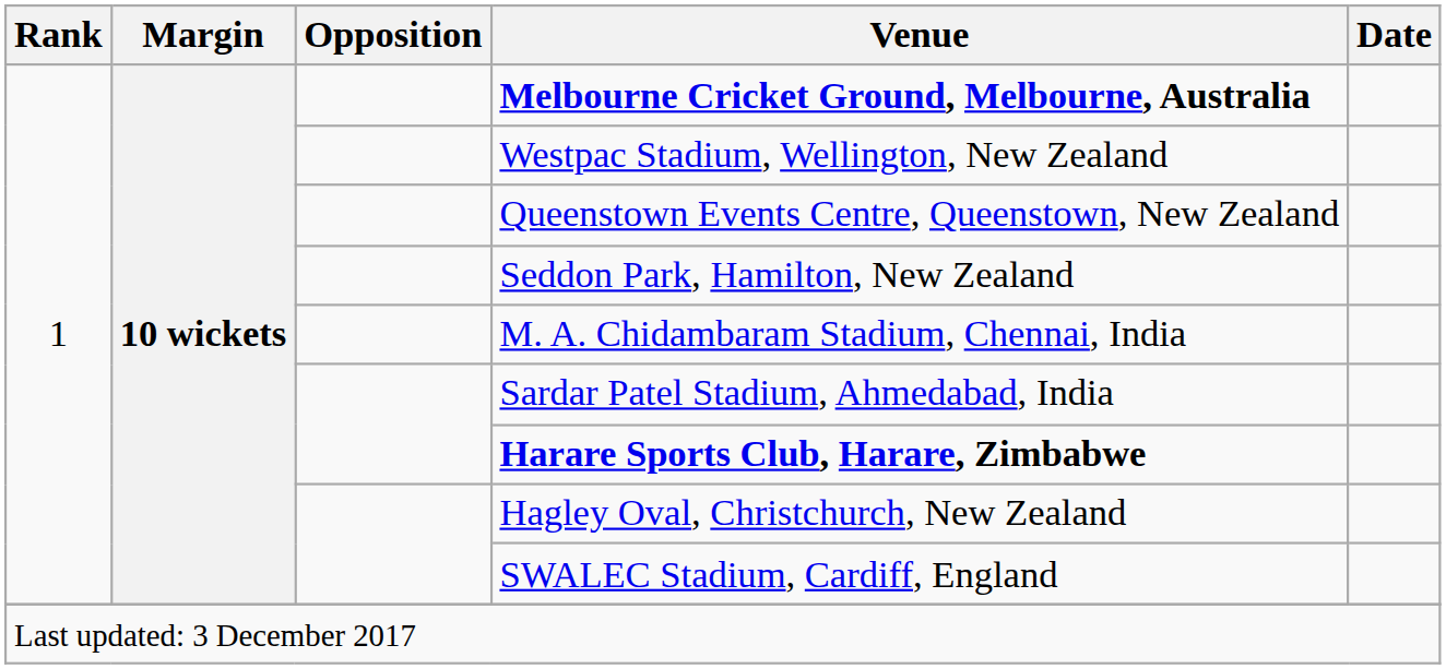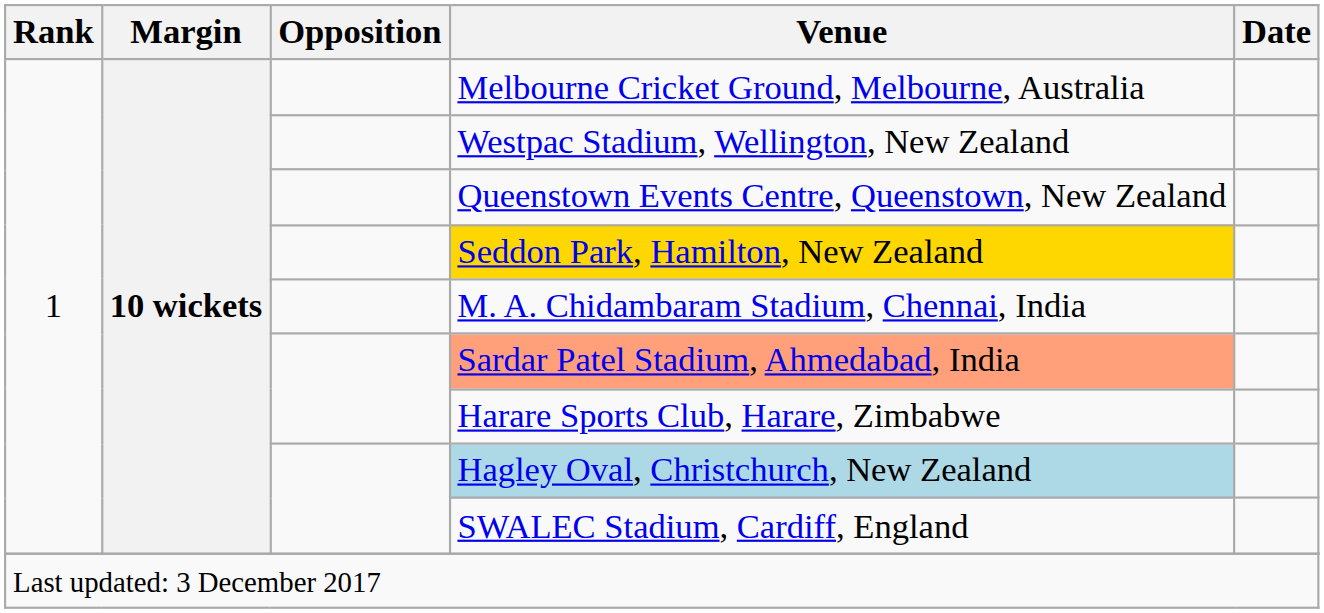 <table class="wikitable plainrowheaders sortable">
 <tr>
 <th scope=col>Rank</th>
 <th scope=col>Margin</th>
 <th scope=col>Opposition</th>
 <th scope=col>Venue</th>
 <th scope=col>Date</th>
 </tr>
 <tr>
 <td align=center rowspan=9>1</td>
 <th scope=row style=text-align:center rowspan=9>10 wickets</th>
 <td></td>
-<td><strong><a href='#'>Melbourne Cricket Ground</a>, <a href='#'>Melbourne</a>, Australia</strong></td>
+<td><a href='#'>Melbourne Cricket Ground</a>, <a href='#'>Melbourne</a>, Australia</td>
 <td></td>
 </tr>
 <tr>
 <td></td>
 <td><a href='#'>Westpac Stadium</a>, <a href='#'>Wellington</a>, New Zealand</td>
 <td></td>
 </tr>
 <tr>
 <td></td>
 <td><a href='#'>Queenstown Events Centre</a>, <a href='#'>Queenstown</a>, New Zealand</td>
 <td></td>
 </tr>
 <tr>
 <td></td>
-<td><a href='#'>Seddon Park</a>, <a href='#'>Hamilton</a>, New Zealand</td>
+<td style="background: gold;"><a href='#'>Seddon Park</a>, <a href='#'>Hamilton</a>, New Zealand</td>
 <td></td>
 </tr>
 <tr>
 <td></td>
 <td><a href='#'>M. A. Chidambaram Stadium</a>, <a href='#'>Chennai</a>, India</td>
 <td> </td>
 </tr>
 <tr>
 <td rowspan=2></td>
-<td><a href='#'>Sardar Patel Stadium</a>, <a href='#'>Ahmedabad</a>, India</td>
+<td style="background: lightsalmon;"><a href='#'>Sardar Patel Stadium</a>, <a href='#'>Ahmedabad</a>, India</td>
 <td> </td>
 </tr>
 <tr>
-<td><strong><a href='#'>Harare Sports Club</a>, <a href='#'>Harare</a>, Zimbabwe</strong></td>
+<td><a href='#'>Harare Sports Club</a>, <a href='#'>Harare</a>, Zimbabwe</td>
 <td></td>
 </tr>
 <tr>
 <td rowspan=2></td>
-<td><a href='#'>Hagley Oval</a>, <a href='#'>Christchurch</a>, New Zealand</td>
+<td style="background: lightblue;"><a href='#'>Hagley Oval</a>, <a href='#'>Christchurch</a>, New Zealand</td>
 <td></td>
 </tr>
 <tr>
 <td><a href='#'>SWALEC Stadium</a>, <a href='#'>Cardiff</a>, England</td>
 <td> </td>
 </tr>
 <tr>
 </tr>
 <tr class=sortbottom>
 <td colspan=5><small>Last updated: 3 December 2017</small></td>
 </tr>
 </table>
